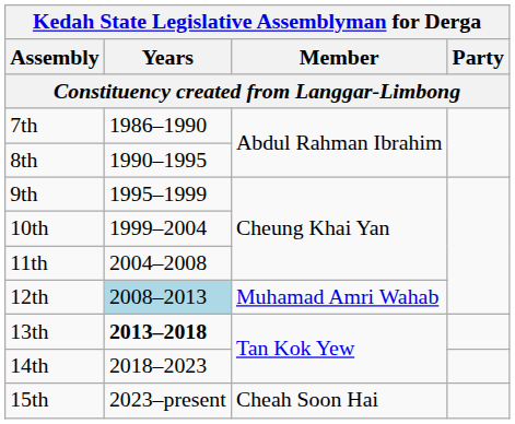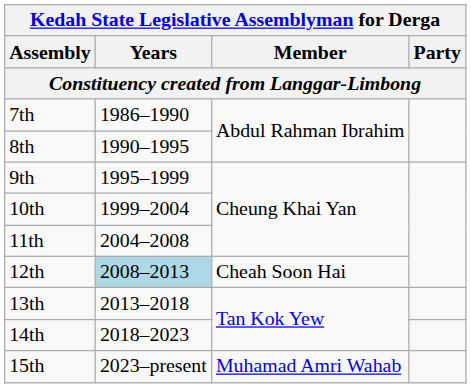 <table class="wikitable">
 <tr>
 <th colspan="4"><a href='#'>Kedah State Legislative Assemblyman</a> for Derga</th>
 </tr>
 <tr>
 <th>Assembly</th>
 <th>Years</th>
 <th>Member</th>
 <th>Party</th>
 </tr>
 <tr>
 <th colspan="4" align="center"><em>Constituency created from Langgar-Limbong</em></th>
 </tr>
 <tr>
 <td>7th</td>
 <td>1986–1990</td>
 <td rowspan="2">Abdul Rahman Ibrahim</td>
 <td rowspan="2"></td>
 </tr>
 <tr>
 <td>8th</td>
 <td>1990–1995</td>
 </tr>
 <tr>
 <td>9th</td>
 <td>1995–1999</td>
 <td rowspan="3">Cheung Khai Yan</td>
 <td rowspan="4"></td>
 </tr>
 <tr>
 <td>10th</td>
 <td>1999–2004</td>
 </tr>
 <tr>
 <td>11th</td>
 <td>2004–2008</td>
 </tr>
 <tr>
 <td>12th</td>
 <td style="background: lightblue;">2008–2013</td>
-<td><a href='#'>Muhamad Amri Wahab</a></td>
+<td>Cheah Soon Hai</td>
 </tr>
 <tr>
 <td>13th</td>
-<td><strong>2013–2018</strong></td>
+<td>2013–2018</td>
 <td rowspan="2"><a href='#'>Tan Kok Yew</a></td>
 <td></td>
 </tr>
 <tr>
 <td>14th</td>
 <td>2018–2023</td>
 <td></td>
 </tr>
 <tr>
 <td>15th</td>
 <td>2023–present</td>
-<td>Cheah Soon Hai</td>
+<td><a href='#'>Muhamad Amri Wahab</a></td>
 <td></td>
 </tr>
 </table>
